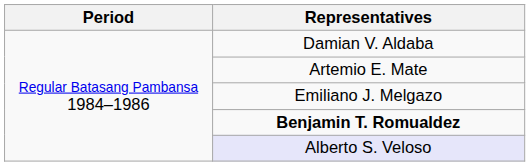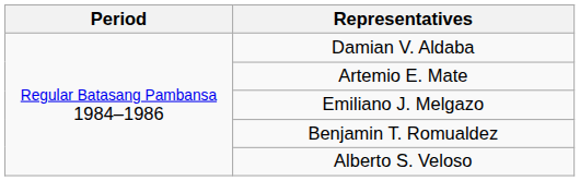 <table class="wikitable" style="text-align:center; width:40%;">
 <tr>
 <th width="40%">Period</th>
 <th>Representatives</th>
 </tr>
 <tr>
 <td rowspan="5"><small><a href='#'>Regular Batasang Pambansa</a></small><br>1984–1986</td>
 <td>Damian V. Aldaba</td>
 </tr>
 <tr>
 <td>Artemio E. Mate</td>
 </tr>
 <tr>
 <td>Emiliano J. Melgazo</td>
 </tr>
 <tr>
-<td><strong>Benjamin T. Romualdez</strong></td>
+<td>Benjamin T. Romualdez</td>
 </tr>
 <tr>
-<td style="background: lavender;">Alberto S. Veloso</td>
+<td>Alberto S. Veloso</td>
 </tr>
 </table>
